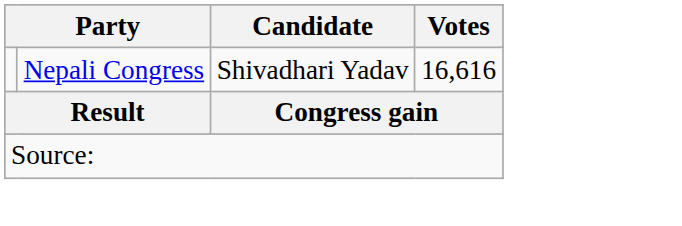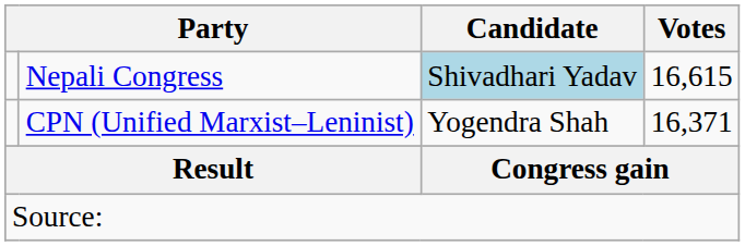 <table class="wikitable">
 <tr>
 <th colspan="2">Party</th>
 <th>Candidate</th>
 <th>Votes</th>
 </tr>
 <tr>
 <td style="background-color:"></td>
 <td><a href='#'>Nepali Congress</a></td>
-<td>Shivadhari Yadav</td>
-<td>16,616</td>
+<td style="background: lightblue;">Shivadhari Yadav</td>
+<td>16,615</td>
+</tr>
+<tr>
+<td style="background-color:"></td>
+<td><a href='#'>CPN (Unified Marxist–Leninist)</a></td>
+<td>Yogendra Shah</td>
+<td>16,371</td>
 </tr>
 <tr>
 <th colspan="2">Result</th>
 <th colspan="2">Congress gain</th>
 </tr>
 <tr>
 <td colspan="4">Source: </td>
 </tr>
 </table>
